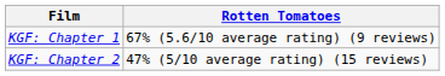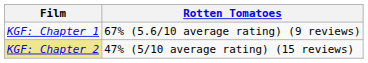 <table class="wikitable sortable">
 <tr>
 <th>Film</th>
 <th><a href='#'>Rotten Tomatoes</a></th>
 </tr>
 <tr>
 <td><em><a href='#'>KGF: Chapter 1</a></em></td>
 <td>67% (5.6/10 average rating) (9 reviews)</td>
 </tr>
 <tr>
-<td><a href='#'><em>KGF: Chapter 2</em></a></td>
+<td style="background: khaki;"><a href='#'><em>KGF: Chapter 2</em></a></td>
 <td>47% (5/10 average rating) (15 reviews)</td>
 </tr>
 </table>
